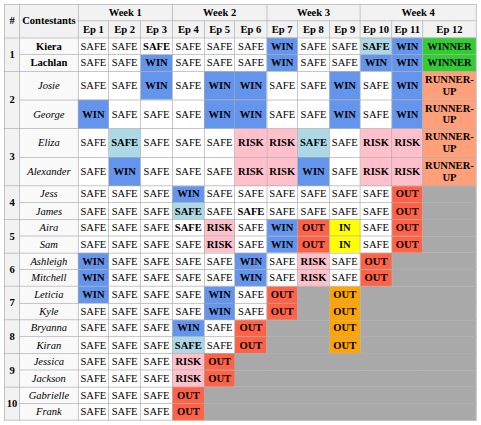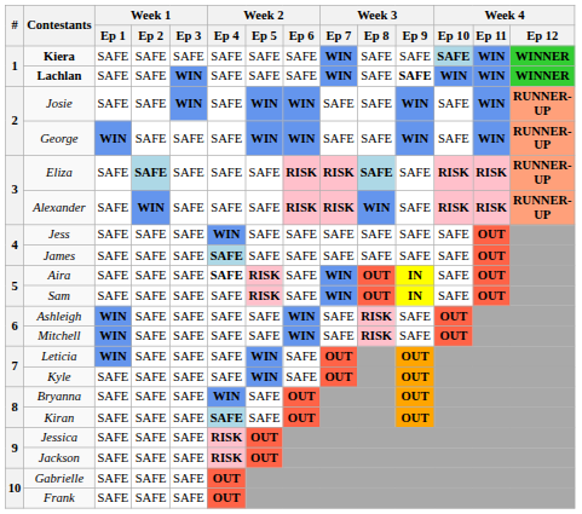 <table class="wikitable" style="text-align:center">
 <tr>
 <th rowspan="2">#</th>
 <th rowspan="2">Contestants</th>
 <th colspan="3">Week 1</th>
 <th colspan="3">Week 2</th>
 <th colspan="3">Week 3</th>
 <th colspan="3">Week 4</th>
 </tr>
 <tr>
 <th>Ep 1</th>
 <th>Ep 2</th>
 <th>Ep 3</th>
 <th>Ep 4</th>
 <th>Ep 5</th>
 <th>Ep 6</th>
 <th>Ep 7</th>
 <th>Ep 8</th>
 <th>Ep 9</th>
 <th>Ep 10</th>
 <th>Ep 11</th>
 <th>Ep 12</th>
 </tr>
 <tr>
 <th rowspan="2">1</th>
 <td><strong>Kiera</strong></td>
 <td bgcolor="white">SAFE</td>
 <td bgcolor="white">SAFE</td>
-<td bgcolor="white"><strong>SAFE</strong></td>
+<td bgcolor="white">SAFE</td>
 <td bgcolor="white">SAFE</td>
 <td bgcolor="white">SAFE</td>
 <td bgcolor="white">SAFE</td>
 <td bgcolor="cornflowerblue"><strong>WIN</strong></td>
 <td bgcolor="white">SAFE</td>
 <td bgcolor="white">SAFE</td>
 <td bgcolor="lightblue"><strong>SAFE</strong></td>
 <td bgcolor="cornflowerblue"><strong>WIN</strong></td>
 <td bgcolor="limegreen"><strong>WINNER</strong></td>
 </tr>
 <tr>
 <td><strong>Lachlan</strong></td>
 <td bgcolor="white">SAFE</td>
 <td bgcolor="white">SAFE</td>
 <td bgcolor="cornflowerblue"><strong>WIN</strong></td>
 <td bgcolor="white">SAFE</td>
 <td bgcolor="white">SAFE</td>
 <td bgcolor="white">SAFE</td>
 <td bgcolor="cornflowerblue"><strong>WIN</strong></td>
 <td bgcolor="white">SAFE</td>
-<td bgcolor="white">SAFE</td>
+<td bgcolor="white"><strong>SAFE</strong></td>
 <td bgcolor="cornflowerblue"><strong>WIN</strong></td>
 <td bgcolor="cornflowerblue"><strong>WIN</strong></td>
 <td bgcolor="limegreen"><strong>WINNER</strong></td>
 </tr>
 <tr>
 <th rowspan="2">2</th>
 <td><em>Josie</em></td>
 <td bgcolor="white">SAFE</td>
 <td bgcolor="white">SAFE</td>
 <td bgcolor="cornflowerblue"><strong>WIN</strong></td>
 <td bgcolor="white">SAFE</td>
 <td bgcolor="cornflowerblue"><strong>WIN</strong></td>
 <td bgcolor="cornflowerblue"><strong>WIN</strong></td>
 <td bgcolor="white">SAFE</td>
 <td bgcolor="white">SAFE</td>
 <td bgcolor="cornflowerblue"><strong>WIN</strong></td>
 <td bgcolor="white">SAFE</td>
 <td bgcolor="cornflowerblue"><strong>WIN</strong></td>
 <td bgcolor="lightsalmon"><strong>RUNNER-UP</strong></td>
 </tr>
 <tr>
 <td><em>George</em></td>
 <td bgcolor="cornflowerblue"><strong>WIN</strong></td>
 <td bgcolor="white">SAFE</td>
 <td bgcolor="white">SAFE</td>
 <td bgcolor="white">SAFE</td>
 <td bgcolor="cornflowerblue"><strong>WIN</strong></td>
 <td bgcolor="cornflowerblue"><strong>WIN</strong></td>
 <td bgcolor="white">SAFE</td>
 <td bgcolor="white">SAFE</td>
 <td bgcolor="cornflowerblue"><strong>WIN</strong></td>
 <td bgcolor="white">SAFE</td>
 <td bgcolor="cornflowerblue"><strong>WIN</strong></td>
 <td bgcolor="lightsalmon"><strong>RUNNER-UP</strong></td>
 </tr>
 <tr>
 <th rowspan="2">3</th>
 <td><em>Eliza</em></td>
 <td bgcolor="white">SAFE</td>
 <td bgcolor="lightblue"><strong>SAFE</strong></td>
 <td bgcolor="white">SAFE</td>
 <td bgcolor="white">SAFE</td>
 <td bgcolor="white">SAFE</td>
 <td bgcolor="pink"><strong>RISK</strong></td>
 <td bgcolor="pink"><strong>RISK</strong></td>
 <td bgcolor="lightblue"><strong>SAFE</strong></td>
 <td bgcolor="white">SAFE</td>
 <td bgcolor="pink"><strong>RISK</strong></td>
 <td bgcolor="pink"><strong>RISK</strong></td>
 <td bgcolor="lightsalmon"><strong>RUNNER-UP</strong></td>
 </tr>
 <tr>
 <td><em>Alexander</em></td>
 <td bgcolor="white">SAFE</td>
 <td bgcolor="cornflowerblue"><strong>WIN</strong></td>
 <td bgcolor="white">SAFE</td>
 <td bgcolor="white">SAFE</td>
 <td bgcolor="white">SAFE</td>
 <td bgcolor="pink"><strong>RISK</strong></td>
 <td bgcolor="pink"><strong>RISK</strong></td>
 <td bgcolor="cornflowerblue"><strong>WIN</strong></td>
 <td bgcolor="white">SAFE</td>
 <td bgcolor="pink"><strong>RISK</strong></td>
 <td bgcolor="pink"><strong>RISK</strong></td>
 <td bgcolor="lightsalmon"><strong>RUNNER-UP</strong></td>
 </tr>
 <tr>
 <th rowspan="2">4</th>
 <td><em>Jess</em></td>
 <td bgcolor="white">SAFE</td>
 <td bgcolor="white">SAFE</td>
 <td bgcolor="white">SAFE</td>
 <td bgcolor="cornflowerblue"><strong>WIN</strong></td>
 <td bgcolor="white">SAFE</td>
 <td bgcolor="white">SAFE</td>
 <td bgcolor="white">SAFE</td>
 <td bgcolor="white">SAFE</td>
 <td bgcolor="white">SAFE</td>
 <td bgcolor="white">SAFE</td>
 <td bgcolor="tomato"><strong>OUT</strong></td>
 <td bgcolor="darkgray" colspan="1"></td>
 </tr>
 <tr>
 <td><em>James</em></td>
 <td bgcolor="white">SAFE</td>
 <td bgcolor="white">SAFE</td>
 <td bgcolor="white">SAFE</td>
 <td bgcolor="lightblue"><strong>SAFE</strong></td>
 <td bgcolor="white">SAFE</td>
-<td bgcolor="white"><strong>SAFE</strong></td>
+<td bgcolor="white">SAFE</td>
 <td bgcolor="white">SAFE</td>
 <td bgcolor="white">SAFE</td>
 <td bgcolor="white">SAFE</td>
 <td bgcolor="white">SAFE</td>
 <td bgcolor="tomato"><strong>OUT</strong></td>
 <td bgcolor="darkgray" colspan="1"></td>
 </tr>
 <tr>
 <th rowspan="2">5</th>
 <td><em>Aira</em></td>
 <td bgcolor="white">SAFE</td>
 <td bgcolor="white">SAFE</td>
 <td bgcolor="white">SAFE</td>
 <td bgcolor="white"><strong>SAFE</strong></td>
 <td bgcolor="pink"><strong>RISK</strong></td>
 <td bgcolor="white">SAFE</td>
 <td bgcolor="cornflowerblue"><strong>WIN</strong></td>
 <td bgcolor="tomato"><strong>OUT</strong></td>
 <td bgcolor="yellow"><strong>IN</strong></td>
 <td bgcolor="white">SAFE</td>
 <td bgcolor="tomato"><strong>OUT</strong></td>
 <td bgcolor="darkgray" colspan="1"></td>
 </tr>
 <tr>
 <td><em>Sam</em></td>
 <td bgcolor="white">SAFE</td>
 <td bgcolor="white">SAFE</td>
 <td bgcolor="white">SAFE</td>
 <td bgcolor="white">SAFE</td>
 <td bgcolor="pink"><strong>RISK</strong></td>
 <td bgcolor="white">SAFE</td>
 <td bgcolor="cornflowerblue"><strong>WIN</strong></td>
 <td bgcolor="tomato"><strong>OUT</strong></td>
 <td bgcolor="yellow"><strong>IN</strong></td>
 <td bgcolor="white">SAFE</td>
 <td bgcolor="tomato"><strong>OUT</strong></td>
 <td bgcolor="darkgray" colspan="1"></td>
 </tr>
 <tr>
 <th rowspan="2">6</th>
 <td><em>Ashleigh</em></td>
 <td bgcolor="cornflowerblue"><strong>WIN</strong></td>
 <td bgcolor="white">SAFE</td>
 <td bgcolor="white">SAFE</td>
 <td bgcolor="white">SAFE</td>
 <td bgcolor="white">SAFE</td>
 <td bgcolor="cornflowerblue"><strong>WIN</strong></td>
 <td bgcolor="white">SAFE</td>
 <td bgcolor="pink"><strong>RISK</strong></td>
 <td bgcolor="white">SAFE</td>
 <td bgcolor="tomato"><strong>OUT</strong></td>
 <td bgcolor="darkgray" colspan="2"></td>
 </tr>
 <tr>
 <td><em>Mitchell</em></td>
 <td bgcolor="cornflowerblue"><strong>WIN</strong></td>
 <td bgcolor="white">SAFE</td>
 <td bgcolor="white">SAFE</td>
 <td bgcolor="white">SAFE</td>
 <td bgcolor="white">SAFE</td>
 <td bgcolor="cornflowerblue"><strong>WIN</strong></td>
 <td bgcolor="white">SAFE</td>
 <td bgcolor="pink"><strong>RISK</strong></td>
 <td bgcolor="white">SAFE</td>
 <td bgcolor="tomato"><strong>OUT</strong></td>
 <td bgcolor="darkgray" colspan="2"></td>
 </tr>
 <tr>
 <th rowspan="2">7</th>
 <td><em>Leticia</em></td>
 <td bgcolor="cornflowerblue"><strong>WIN</strong></td>
 <td bgcolor="white">SAFE</td>
 <td bgcolor="white">SAFE</td>
 <td bgcolor="white">SAFE</td>
 <td bgcolor="cornflowerblue"><strong>WIN</strong></td>
 <td bgcolor="white">SAFE</td>
 <td bgcolor="tomato"><strong>OUT</strong></td>
 <td bgcolor="darkgray"></td>
 <td bgcolor="orange"><strong>OUT</strong></td>
 <td bgcolor="darkgray" colspan="3"></td>
 </tr>
 <tr>
 <td><em>Kyle</em></td>
 <td bgcolor="white">SAFE</td>
 <td bgcolor="white">SAFE</td>
 <td bgcolor="white">SAFE</td>
 <td bgcolor="white">SAFE</td>
 <td bgcolor="cornflowerblue"><strong>WIN</strong></td>
 <td bgcolor="white">SAFE</td>
 <td bgcolor="tomato"><strong>OUT</strong></td>
 <td bgcolor="darkgray"></td>
 <td bgcolor="orange"><strong>OUT</strong></td>
 <td bgcolor="darkgray" colspan="3"></td>
 </tr>
 <tr>
 <th rowspan="2">8</th>
 <td><em>Bryanna</em></td>
 <td bgcolor="white">SAFE</td>
 <td bgcolor="white">SAFE</td>
 <td bgcolor="white">SAFE</td>
 <td bgcolor="cornflowerblue"><strong>WIN</strong></td>
 <td bgcolor="white">SAFE</td>
 <td bgcolor="tomato"><strong>OUT</strong></td>
 <td bgcolor="darkgray" colspan="2"></td>
 <td bgcolor="orange"><strong>OUT</strong></td>
 <td bgcolor="darkgray" colspan="3"></td>
 </tr>
 <tr>
 <td><em>Kiran</em></td>
 <td bgcolor="white">SAFE</td>
 <td bgcolor="white">SAFE</td>
 <td bgcolor="white">SAFE</td>
 <td bgcolor="lightblue"><strong>SAFE</strong></td>
 <td bgcolor="white">SAFE</td>
 <td bgcolor="tomato"><strong>OUT</strong></td>
 <td bgcolor="darkgray" colspan="2"></td>
 <td bgcolor="orange"><strong>OUT</strong></td>
 <td bgcolor="darkgray" colspan="3"></td>
 </tr>
 <tr>
 <th rowspan="2">9</th>
 <td><em>Jessica</em></td>
 <td bgcolor="white">SAFE</td>
 <td bgcolor="white">SAFE</td>
 <td bgcolor="white">SAFE</td>
 <td bgcolor="pink"><strong>RISK</strong></td>
 <td bgcolor="tomato"><strong>OUT</strong></td>
 <td bgcolor="darkgray" colspan="7"></td>
 </tr>
 <tr>
 <td><em>Jackson</em></td>
 <td bgcolor="white">SAFE</td>
 <td bgcolor="white">SAFE</td>
 <td bgcolor="white">SAFE</td>
 <td bgcolor="pink"><strong>RISK</strong></td>
 <td bgcolor="tomato"><strong>OUT</strong></td>
 <td bgcolor="darkgray" colspan="7"></td>
 </tr>
 <tr>
 <th rowspan="2">10</th>
 <td><em>Gabrielle</em></td>
 <td bgcolor="white">SAFE</td>
 <td bgcolor="white">SAFE</td>
 <td bgcolor="white">SAFE</td>
 <td bgcolor="tomato"><strong>OUT</strong></td>
 <td bgcolor="darkgray" colspan="8"></td>
 </tr>
 <tr>
 <td><em>Frank</em></td>
 <td bgcolor="white">SAFE</td>
 <td bgcolor="white">SAFE</td>
 <td bgcolor="white">SAFE</td>
 <td bgcolor="tomato"><strong>OUT</strong></td>
 <td bgcolor="darkgray" colspan="8"></td>
 </tr>
 </table>
